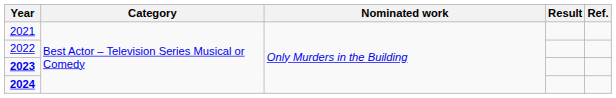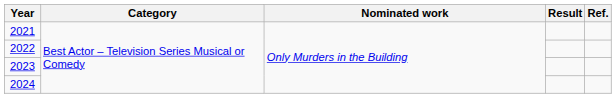 <table class=wikitable>
 <tr>
 <th scope="col" style="width:3em;">Year</th>
 <th scope="col" style="width:26em;">Category</th>
 <th scope="col" style="width:33em;">Nominated work</th>
 <th scope="col" style="width:2em;">Result</th>
 <th>Ref.</th>
 </tr>
 <tr>
 <td style="text-align:center;"><a href='#'>2021</a></td>
 <td rowspan=4><a href='#'>Best Actor – Television Series Musical or Comedy</a></td>
 <td rowspan=4><em><a href='#'>Only Murders in the Building</a></em></td>
 <td></td>
 <td></td>
 </tr>
 <tr>
 <td style="text-align:center;"><a href='#'>2022</a></td>
 <td></td>
 <td></td>
 </tr>
 <tr>
-<td style="text-align:center;"><strong><a href='#'>2023</a></strong></td>
+<td style="text-align:center;"><a href='#'>2023</a></td>
 <td></td>
 <td></td>
 </tr>
 <tr>
-<td style="text-align:center;"><strong><a href='#'>2024</a></strong></td>
+<td style="text-align:center;"><a href='#'>2024</a></td>
 <td></td>
 <td></td>
 </tr>
 </table>
